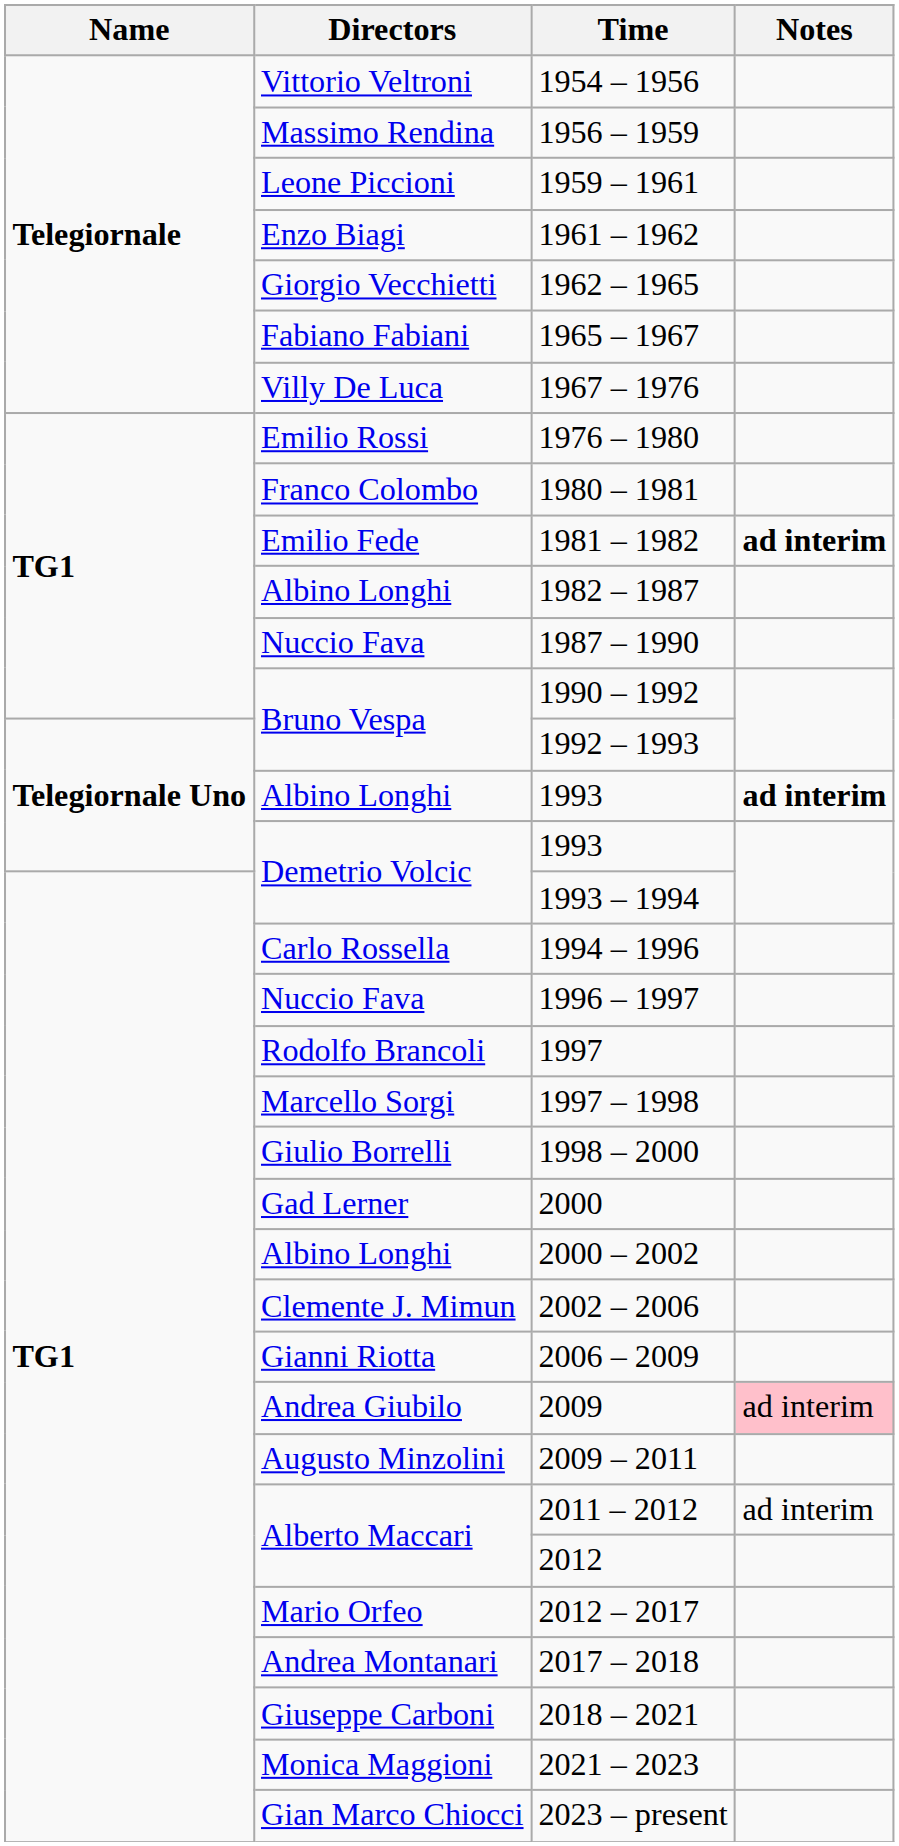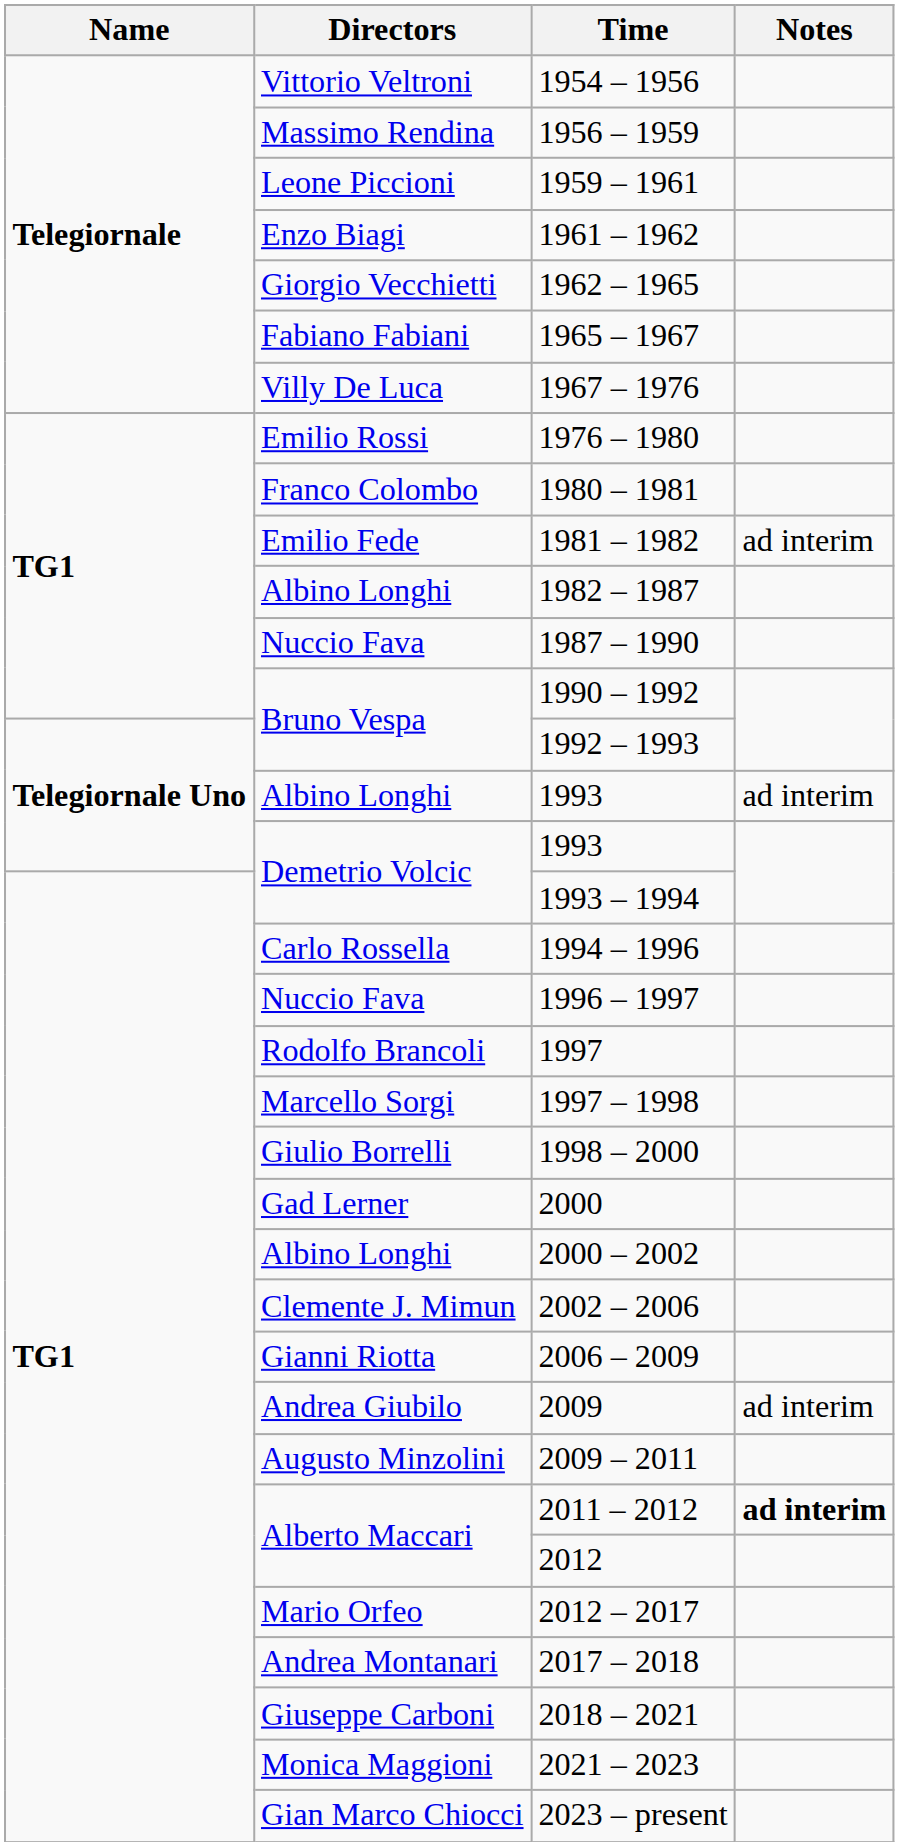 <table class="wikitable">
 <tr>
 <th>Name</th>
 <th>Directors</th>
 <th>Time</th>
 <th>Notes</th>
 </tr>
 <tr>
 <td rowspan=7><strong>Telegiornale</strong></td>
 <td><a href='#'>Vittorio Veltroni</a></td>
 <td>1954 – 1956</td>
 <td></td>
 </tr>
 <tr>
 <td><a href='#'>Massimo Rendina</a></td>
 <td>1956 – 1959</td>
 <td></td>
 </tr>
 <tr>
 <td><a href='#'>Leone Piccioni</a></td>
 <td>1959 – 1961</td>
 <td></td>
 </tr>
 <tr>
 <td><a href='#'>Enzo Biagi</a></td>
 <td>1961 – 1962</td>
 <td></td>
 </tr>
 <tr>
 <td><a href='#'>Giorgio Vecchietti</a></td>
 <td>1962 – 1965</td>
 <td></td>
 </tr>
 <tr>
 <td><a href='#'>Fabiano Fabiani</a></td>
 <td>1965 – 1967</td>
 <td></td>
 </tr>
 <tr>
 <td><a href='#'>Villy De Luca</a></td>
 <td>1967 – 1976</td>
 <td></td>
 </tr>
 <tr>
 <td rowspan=6><strong>TG1</strong></td>
 <td><a href='#'>Emilio Rossi</a></td>
 <td>1976 – 1980</td>
 <td></td>
 </tr>
 <tr>
 <td><a href='#'>Franco Colombo</a></td>
 <td>1980 – 1981</td>
 <td></td>
 </tr>
 <tr>
 <td><a href='#'>Emilio Fede</a></td>
 <td>1981 – 1982</td>
-<td><strong>ad interim</strong></td>
+<td>ad interim</td>
 </tr>
 <tr>
 <td><a href='#'>Albino Longhi</a></td>
 <td>1982 – 1987</td>
 <td></td>
 </tr>
 <tr>
 <td><a href='#'>Nuccio Fava</a></td>
 <td>1987 – 1990</td>
 <td></td>
 </tr>
 <tr>
 <td rowspan=2><a href='#'>Bruno Vespa</a></td>
 <td>1990 – 1992</td>
 <td rowspan=2></td>
 </tr>
 <tr>
 <td rowspan=3><strong>Telegiornale Uno</strong></td>
 <td>1992 – 1993</td>
 </tr>
 <tr>
 <td><a href='#'>Albino Longhi</a></td>
 <td>1993</td>
-<td><strong>ad interim</strong></td>
+<td>ad interim</td>
 </tr>
 <tr>
 <td rowspan=2><a href='#'>Demetrio Volcic</a></td>
 <td>1993</td>
 <td rowspan=2></td>
 </tr>
 <tr>
 <td rowspan="19"><strong>TG1</strong></td>
 <td>1993 – 1994</td>
 </tr>
 <tr>
 <td><a href='#'>Carlo Rossella</a></td>
 <td>1994 – 1996</td>
 <td></td>
 </tr>
 <tr>
 <td><a href='#'>Nuccio Fava</a></td>
 <td>1996 – 1997</td>
 <td></td>
 </tr>
 <tr>
 <td><a href='#'>Rodolfo Brancoli</a></td>
 <td>1997</td>
 <td></td>
 </tr>
 <tr>
 <td><a href='#'>Marcello Sorgi</a></td>
 <td>1997 – 1998</td>
 <td></td>
 </tr>
 <tr>
 <td><a href='#'>Giulio Borrelli</a></td>
 <td>1998 – 2000</td>
 <td></td>
 </tr>
 <tr>
 <td><a href='#'>Gad Lerner</a></td>
 <td>2000</td>
 <td></td>
 </tr>
 <tr>
 <td><a href='#'>Albino Longhi</a></td>
 <td>2000 – 2002</td>
 <td></td>
 </tr>
 <tr>
 <td><a href='#'>Clemente J. Mimun</a></td>
 <td>2002 – 2006</td>
 <td></td>
 </tr>
 <tr>
 <td><a href='#'>Gianni Riotta</a></td>
 <td>2006 – 2009</td>
 <td></td>
 </tr>
 <tr>
 <td><a href='#'>Andrea Giubilo</a></td>
 <td>2009</td>
-<td style="background: pink;">ad interim</td>
+<td>ad interim</td>
 </tr>
 <tr>
 <td><a href='#'>Augusto Minzolini</a></td>
 <td>2009 – 2011</td>
 <td></td>
 </tr>
 <tr>
 <td rowspan=2><a href='#'>Alberto Maccari</a></td>
 <td>2011 – 2012</td>
-<td>ad interim</td>
+<td><strong>ad interim</strong></td>
 </tr>
 <tr>
 <td>2012</td>
 <td></td>
 </tr>
 <tr>
 <td><a href='#'>Mario Orfeo</a></td>
 <td>2012 – 2017</td>
 <td></td>
 </tr>
 <tr>
 <td><a href='#'>Andrea Montanari</a></td>
 <td>2017 – 2018</td>
 <td></td>
 </tr>
 <tr>
 <td><a href='#'>Giuseppe Carboni</a></td>
 <td>2018 – 2021</td>
 <td></td>
 </tr>
 <tr>
 <td><a href='#'>Monica Maggioni</a></td>
 <td>2021 – 2023</td>
 <td></td>
 </tr>
 <tr>
 <td><a href='#'>Gian Marco Chiocci</a></td>
 <td>2023 – present</td>
 <td></td>
 </tr>
 </table>
